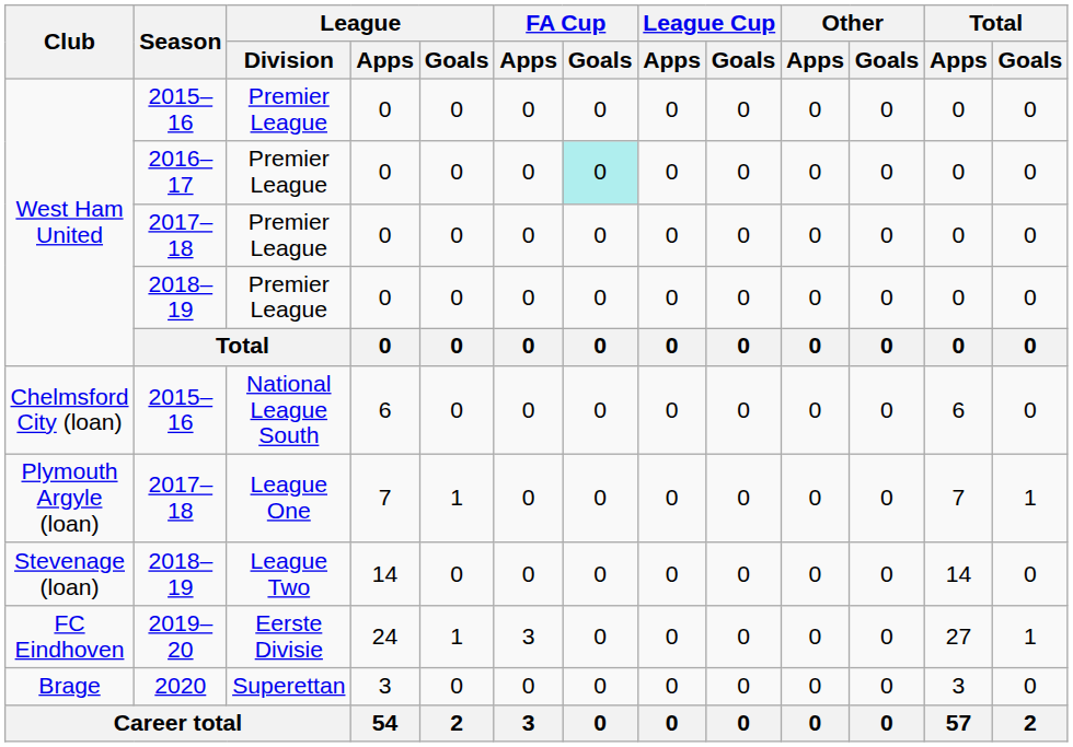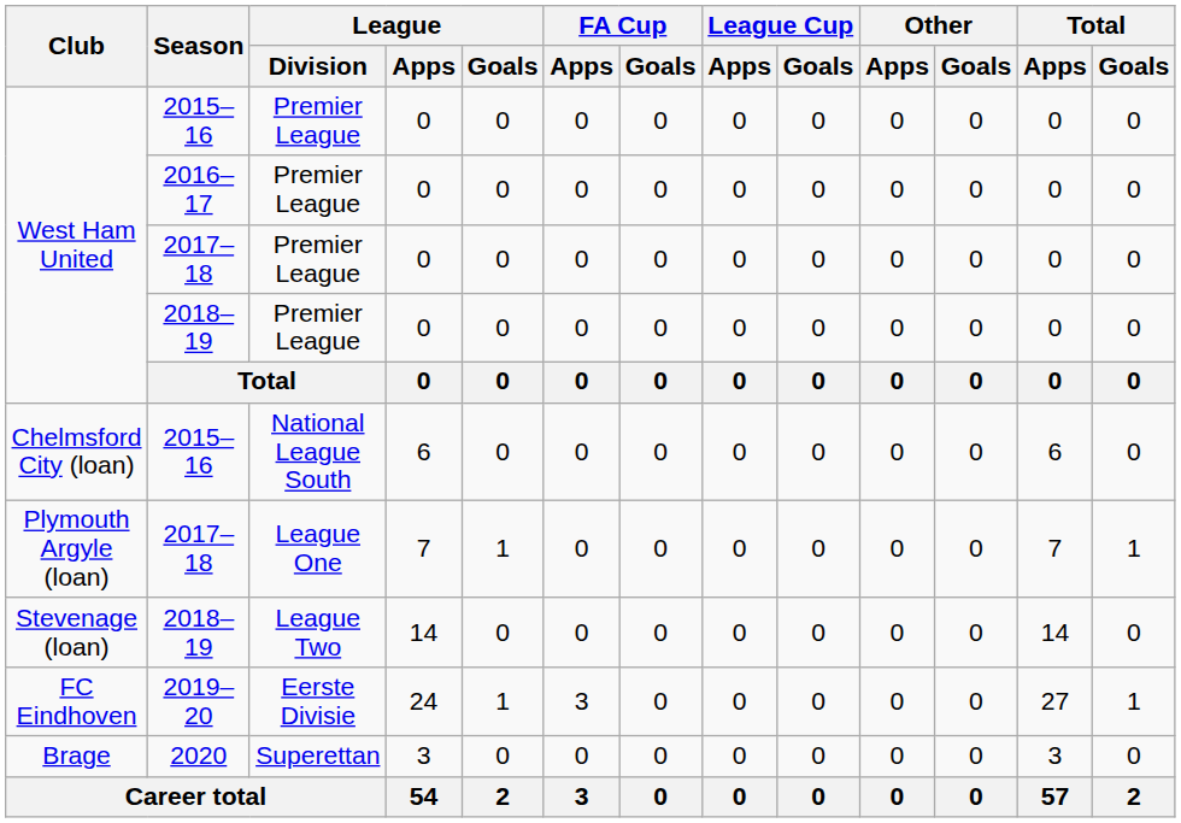 <table class="wikitable" style="text-align:center">
 <tr>
 <th rowspan="2">Club</th>
 <th rowspan="2">Season</th>
 <th colspan="3">League</th>
 <th colspan="2"><a href='#'>FA Cup</a></th>
 <th colspan="2"><a href='#'>League Cup</a></th>
 <th colspan="2">Other</th>
 <th colspan="2">Total</th>
 </tr>
 <tr>
 <th>Division</th>
 <th>Apps</th>
 <th>Goals</th>
 <th>Apps</th>
 <th>Goals</th>
 <th>Apps</th>
 <th>Goals</th>
 <th>Apps</th>
 <th>Goals</th>
 <th>Apps</th>
 <th>Goals</th>
 </tr>
 <tr>
 <td rowspan="5"><a href='#'>West Ham United</a></td>
 <td><a href='#'>2015–16</a></td>
 <td><a href='#'>Premier League</a></td>
 <td>0</td>
 <td>0</td>
 <td>0</td>
 <td>0</td>
 <td>0</td>
 <td>0</td>
 <td>0</td>
 <td>0</td>
 <td>0</td>
 <td>0</td>
 </tr>
 <tr>
 <td><a href='#'>2016–17</a></td>
 <td>Premier League</td>
 <td>0</td>
 <td>0</td>
 <td>0</td>
-<td style="background: paleturquoise;">0</td>
+<td>0</td>
 <td>0</td>
 <td>0</td>
 <td>0</td>
 <td>0</td>
 <td>0</td>
 <td>0</td>
 </tr>
 <tr>
 <td><a href='#'>2017–18</a></td>
 <td>Premier League</td>
 <td>0</td>
 <td>0</td>
 <td>0</td>
 <td>0</td>
 <td>0</td>
 <td>0</td>
 <td>0</td>
 <td>0</td>
 <td>0</td>
 <td>0</td>
 </tr>
 <tr>
 <td><a href='#'>2018–19</a></td>
 <td>Premier League</td>
 <td>0</td>
 <td>0</td>
 <td>0</td>
 <td>0</td>
 <td>0</td>
 <td>0</td>
 <td>0</td>
 <td>0</td>
 <td>0</td>
 <td>0</td>
 </tr>
 <tr>
 <th colspan="2">Total</th>
 <th>0</th>
 <th>0</th>
 <th>0</th>
 <th>0</th>
 <th>0</th>
 <th>0</th>
 <th>0</th>
 <th>0</th>
 <th>0</th>
 <th>0</th>
 </tr>
 <tr>
 <td><a href='#'>Chelmsford City</a> (loan)</td>
 <td><a href='#'>2015–16</a></td>
 <td><a href='#'>National League South</a></td>
 <td>6</td>
 <td>0</td>
 <td>0</td>
 <td>0</td>
 <td>0</td>
 <td>0</td>
 <td>0</td>
 <td>0</td>
 <td>6</td>
 <td>0</td>
 </tr>
 <tr>
 <td><a href='#'>Plymouth Argyle</a> (loan)</td>
 <td><a href='#'>2017–18</a></td>
 <td><a href='#'>League One</a></td>
 <td>7</td>
 <td>1</td>
 <td>0</td>
 <td>0</td>
 <td>0</td>
 <td>0</td>
 <td>0</td>
 <td>0</td>
 <td>7</td>
 <td>1</td>
 </tr>
 <tr>
 <td><a href='#'>Stevenage</a> (loan)</td>
 <td><a href='#'>2018–19</a></td>
 <td><a href='#'>League Two</a></td>
 <td>14</td>
 <td>0</td>
 <td>0</td>
 <td>0</td>
 <td>0</td>
 <td>0</td>
 <td>0</td>
 <td>0</td>
 <td>14</td>
 <td>0</td>
 </tr>
 <tr>
 <td><a href='#'>FC Eindhoven</a></td>
 <td><a href='#'>2019–20</a></td>
 <td><a href='#'>Eerste Divisie</a></td>
 <td>24</td>
 <td>1</td>
 <td>3</td>
 <td>0</td>
 <td>0</td>
 <td>0</td>
 <td>0</td>
 <td>0</td>
 <td>27</td>
 <td>1</td>
 </tr>
 <tr>
 <td><a href='#'>Brage</a></td>
 <td><a href='#'>2020</a></td>
 <td><a href='#'>Superettan</a></td>
 <td>3</td>
 <td>0</td>
 <td>0</td>
 <td>0</td>
 <td>0</td>
 <td>0</td>
 <td>0</td>
 <td>0</td>
 <td>3</td>
 <td>0</td>
 </tr>
 <tr>
 <th colspan="3">Career total</th>
 <th>54</th>
 <th>2</th>
 <th>3</th>
 <th>0</th>
 <th>0</th>
 <th>0</th>
 <th>0</th>
 <th>0</th>
 <th>57</th>
 <th>2</th>
 </tr>
 </table>
